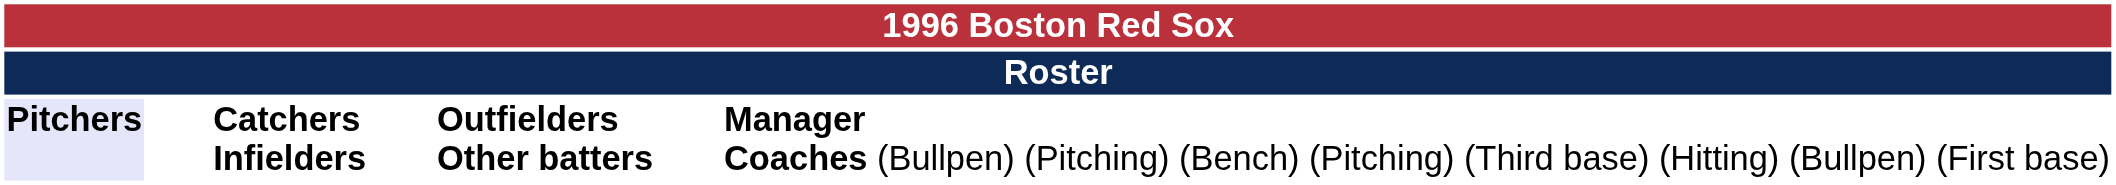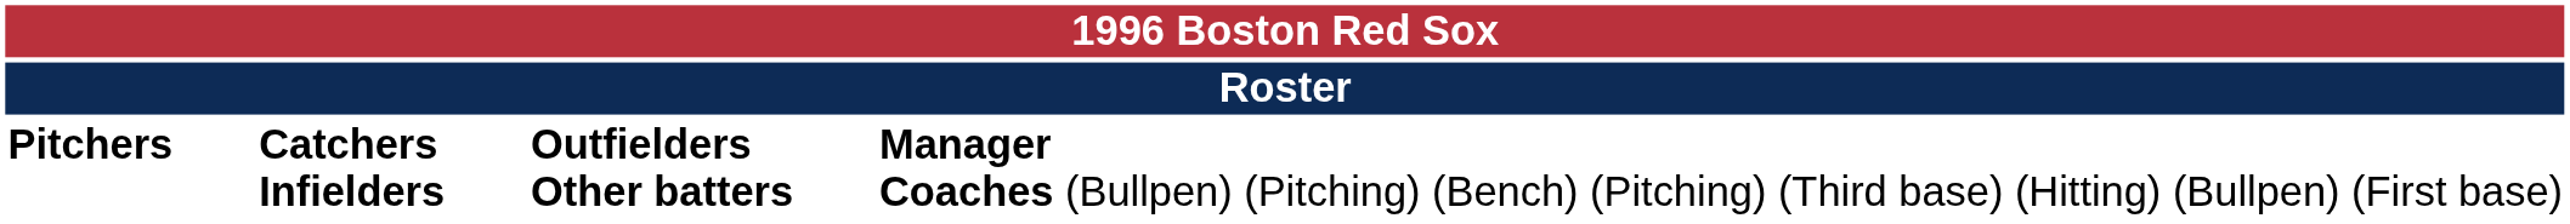 <table class="toccolours" style="text-align: left;">
 <tr>
 <th colspan="10" style="background-color: #ba313c; color: #FFFFFF; text-align: center;">1996 Boston Red Sox</th>
 </tr>
 <tr>
 <td colspan="10" style="background-color:#0d2b56; color: white; text-align: center;"><strong>Roster</strong></td>
 </tr>
 <tr>
-<td valign="top" style="background: lavender;"><strong>Pitchers</strong><br>                      </td>
+<td valign="top"><strong>Pitchers</strong><br>                      </td>
 <td width="25px"></td>
 <td valign="top"><strong>Catchers</strong><br>     <strong>Infielders</strong>             </td>
 <td width="25px"></td>
 <td valign="top"><strong>Outfielders</strong><br>             <strong>Other batters</strong> </td>
 <td width="25px"></td>
 <td valign="top"><strong>Manager</strong><br>  <strong>Coaches</strong>  (Bullpen)  (Pitching)  (Bench)  (Pitching)   (Third base)  (Hitting)  (Bullpen)  (First base)</td>
 </tr>
 <tr>
 </tr>
 </table>
